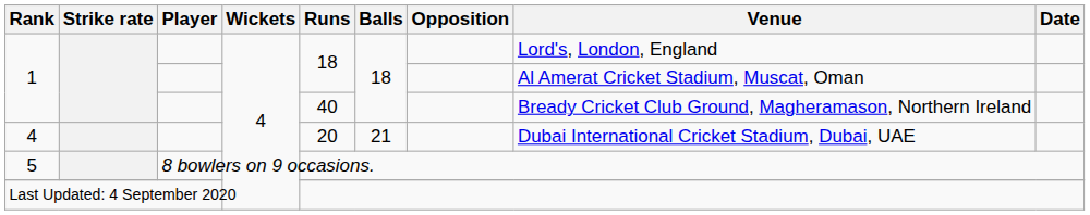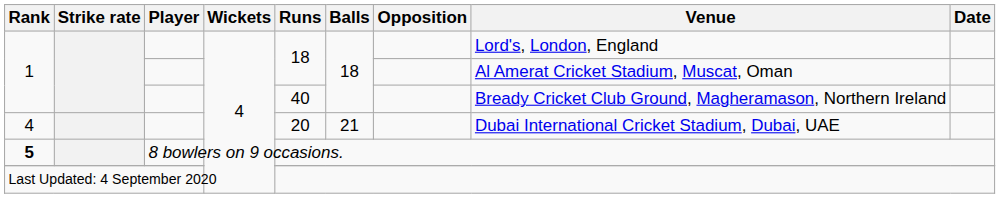 <table class="wikitable plainrowheaders sortable">
 <tr>
 <th scope=col>Rank</th>
 <th scope=col>Strike rate</th>
 <th scope=col>Player</th>
 <th scope=col>Wickets</th>
 <th scope=col>Runs</th>
 <th scope=col>Balls</th>
 <th scope=col>Opposition</th>
 <th scope=col>Venue</th>
 <th scope=col>Date</th>
 </tr>
 <tr>
 <td align=center rowspan=3>1</td>
 <th scope=row style=text-align:center; rowspan=3></th>
 <td></td>
 <td align=center rowspan=12>4</td>
 <td align=center rowspan=2>18</td>
 <td align=center rowspan=3>18</td>
 <td></td>
 <td><a href='#'>Lord's</a>, <a href='#'>London</a>, England</td>
 <td> </td>
 </tr>
 <tr>
 <td></td>
 <td></td>
 <td><a href='#'>Al Amerat Cricket Stadium</a>, <a href='#'>Muscat</a>, Oman</td>
 <td></td>
 </tr>
 <tr>
 <td> </td>
 <td align=center>40</td>
 <td></td>
 <td><a href='#'>Bready Cricket Club Ground</a>, <a href='#'>Magheramason</a>, Northern Ireland</td>
 <td></td>
 </tr>
 <tr>
 <td align=center>4</td>
 <th scope=row style=text-align:center;></th>
 <td></td>
 <td align=center>20</td>
 <td align=center>21</td>
 <td></td>
 <td><a href='#'>Dubai International Cricket Stadium</a>, <a href='#'>Dubai</a>, UAE</td>
 <td></td>
 </tr>
 <tr>
-<td align=center>5</td>
+<td align=center><strong>5</strong></td>
 <th scope=row style=text-align:center;></th>
 <td colspan=7><em>8 bowlers on 9 occasions.</em></td>
 </tr>
 <tr>
 </tr>
 <tr class=sortbottom>
 <td colspan=9><small>Last Updated: 4 September 2020</small></td>
 </tr>
 </table>
